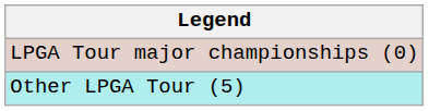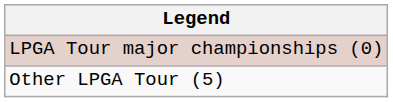 <table class="wikitable" style="font-size:95%;">
 <tr>
 <th>Legend</th>
 </tr>
 <tr style="background:#e5d1cb;">
 <td>LPGA Tour major championships (0)</td>
 </tr>
 <tr>
-<td style="background: paleturquoise;">Other LPGA Tour (5)</td>
+<td>Other LPGA Tour (5)</td>
 </tr>
 </table>
